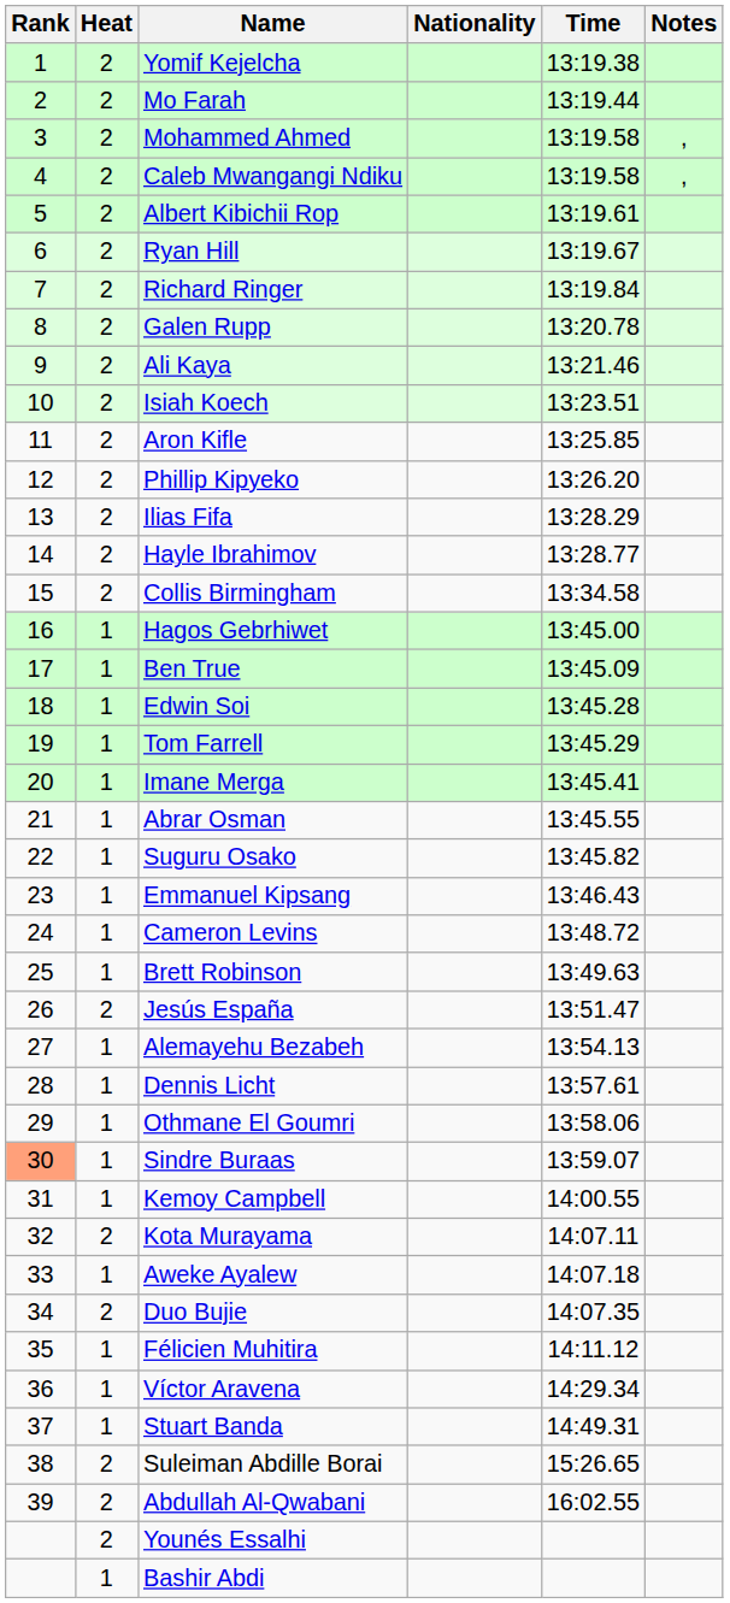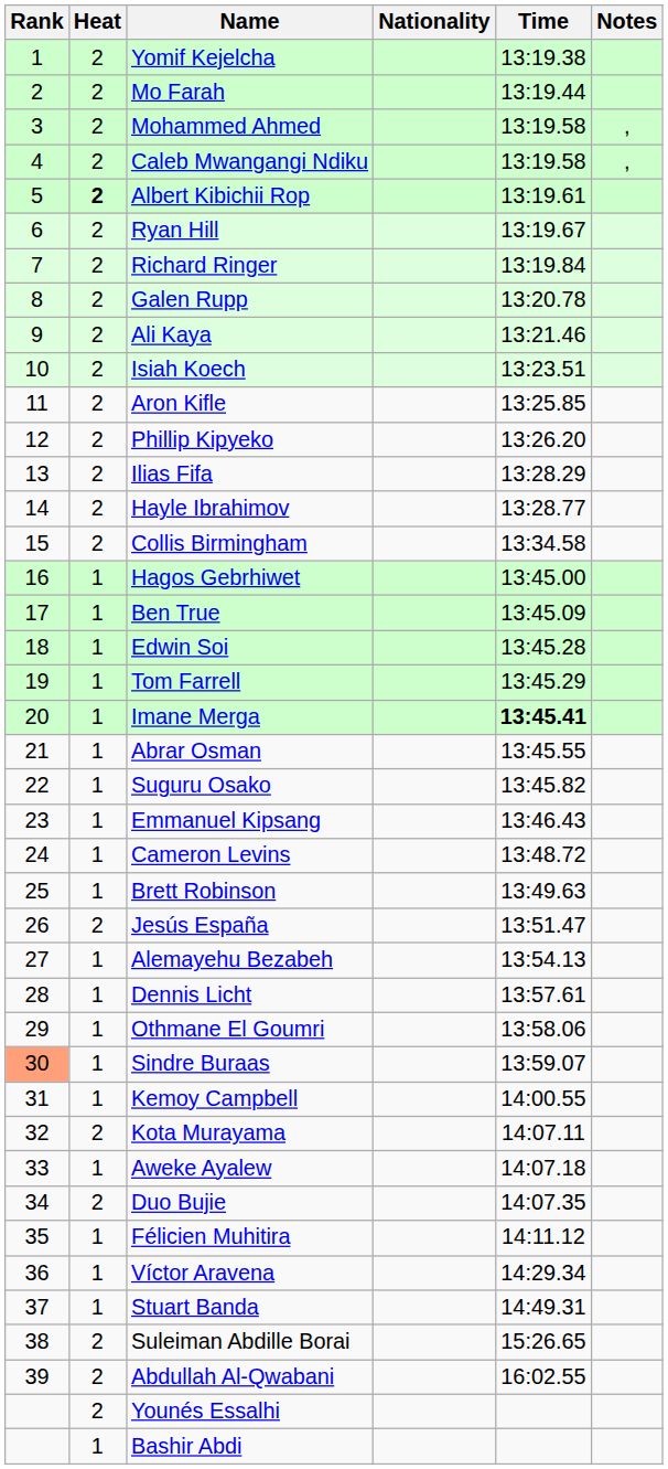 <table class="wikitable sortable" style="text-align:center">
 <tr>
 <th>Rank</th>
 <th>Heat</th>
 <th>Name</th>
 <th>Nationality</th>
 <th>Time</th>
 <th>Notes</th>
 </tr>
 <tr bgcolor=ccffcc>
 <td>1</td>
 <td>2</td>
 <td align=left><a href='#'>Yomif Kejelcha</a></td>
 <td align=left></td>
 <td>13:19.38</td>
 <td></td>
 </tr>
 <tr bgcolor=ccffcc>
 <td>2</td>
 <td>2</td>
 <td align=left><a href='#'>Mo Farah</a></td>
 <td align=left></td>
 <td>13:19.44</td>
 <td></td>
 </tr>
 <tr bgcolor=ccffcc>
 <td>3</td>
 <td>2</td>
 <td align=left><a href='#'>Mohammed Ahmed</a></td>
 <td align=left></td>
 <td>13:19.58</td>
 <td>, </td>
 </tr>
 <tr bgcolor=ccffcc>
 <td>4</td>
 <td>2</td>
 <td align=left><a href='#'>Caleb Mwangangi Ndiku</a></td>
 <td align=left></td>
 <td>13:19.58</td>
 <td>, </td>
 </tr>
 <tr bgcolor=ccffcc>
 <td>5</td>
-<td>2</td>
+<td><strong>2</strong></td>
 <td align=left><a href='#'>Albert Kibichii Rop</a></td>
 <td align=left></td>
 <td>13:19.61</td>
 <td></td>
 </tr>
 <tr bgcolor=ddffdd>
 <td>6</td>
 <td>2</td>
 <td align=left><a href='#'>Ryan Hill</a></td>
 <td align=left></td>
 <td>13:19.67</td>
 <td></td>
 </tr>
 <tr bgcolor=ddffdd>
 <td>7</td>
 <td>2</td>
 <td align=left><a href='#'>Richard Ringer</a></td>
 <td align=left></td>
 <td>13:19.84</td>
 <td></td>
 </tr>
 <tr bgcolor=ddffdd>
 <td>8</td>
 <td>2</td>
 <td align=left><a href='#'>Galen Rupp</a></td>
 <td align=left></td>
 <td>13:20.78</td>
 <td></td>
 </tr>
 <tr bgcolor=ddffdd>
 <td>9</td>
 <td>2</td>
 <td align=left><a href='#'>Ali Kaya</a></td>
 <td align=left></td>
 <td>13:21.46</td>
 <td></td>
 </tr>
 <tr bgcolor=ddffdd>
 <td>10</td>
 <td>2</td>
 <td align=left><a href='#'>Isiah Koech</a></td>
 <td align=left></td>
 <td>13:23.51</td>
 <td></td>
 </tr>
 <tr>
 <td>11</td>
 <td>2</td>
 <td align=left><a href='#'>Aron Kifle</a></td>
 <td align=left></td>
 <td>13:25.85</td>
 <td></td>
 </tr>
 <tr>
 <td>12</td>
 <td>2</td>
 <td align=left><a href='#'>Phillip Kipyeko</a></td>
 <td align=left></td>
 <td>13:26.20</td>
 <td></td>
 </tr>
 <tr>
 <td>13</td>
 <td>2</td>
 <td align=left><a href='#'>Ilias Fifa</a></td>
 <td align=left></td>
 <td>13:28.29</td>
 <td></td>
 </tr>
 <tr>
 <td>14</td>
 <td>2</td>
 <td align=left><a href='#'>Hayle Ibrahimov</a></td>
 <td align=left></td>
 <td>13:28.77</td>
 <td></td>
 </tr>
 <tr>
 <td>15</td>
 <td>2</td>
 <td align=left><a href='#'>Collis Birmingham</a></td>
 <td align=left></td>
 <td>13:34.58</td>
 <td></td>
 </tr>
 <tr bgcolor=ccffcc>
 <td>16</td>
 <td>1</td>
 <td align=left><a href='#'>Hagos Gebrhiwet</a></td>
 <td align=left></td>
 <td>13:45.00</td>
 <td></td>
 </tr>
 <tr bgcolor=ccffcc>
 <td>17</td>
 <td>1</td>
 <td align=left><a href='#'>Ben True</a></td>
 <td align=left></td>
 <td>13:45.09</td>
 <td></td>
 </tr>
 <tr bgcolor=ccffcc>
 <td>18</td>
 <td>1</td>
 <td align=left><a href='#'>Edwin Soi</a></td>
 <td align=left></td>
 <td>13:45.28</td>
 <td></td>
 </tr>
 <tr bgcolor=ccffcc>
 <td>19</td>
 <td>1</td>
 <td align=left><a href='#'>Tom Farrell</a></td>
 <td align=left></td>
 <td>13:45.29</td>
 <td></td>
 </tr>
 <tr bgcolor=ccffcc>
 <td>20</td>
 <td>1</td>
 <td align=left><a href='#'>Imane Merga</a></td>
 <td align=left></td>
-<td>13:45.41</td>
+<td><strong>13:45.41</strong></td>
 <td></td>
 </tr>
 <tr>
 <td>21</td>
 <td>1</td>
 <td align=left><a href='#'>Abrar Osman</a></td>
 <td align=left></td>
 <td>13:45.55</td>
 <td></td>
 </tr>
 <tr>
 <td>22</td>
 <td>1</td>
 <td align=left><a href='#'>Suguru Osako</a></td>
 <td align=left></td>
 <td>13:45.82</td>
 <td></td>
 </tr>
 <tr>
 <td>23</td>
 <td>1</td>
 <td align=left><a href='#'>Emmanuel Kipsang</a></td>
 <td align=left></td>
 <td>13:46.43</td>
 <td></td>
 </tr>
 <tr>
 <td>24</td>
 <td>1</td>
 <td align=left><a href='#'>Cameron Levins</a></td>
 <td align=left></td>
 <td>13:48.72</td>
 <td></td>
 </tr>
 <tr>
 <td>25</td>
 <td>1</td>
 <td align=left><a href='#'>Brett Robinson</a></td>
 <td align=left></td>
 <td>13:49.63</td>
 <td></td>
 </tr>
 <tr>
 <td>26</td>
 <td>2</td>
 <td align=left><a href='#'>Jesús España</a></td>
 <td align=left></td>
 <td>13:51.47</td>
 <td></td>
 </tr>
 <tr>
 <td>27</td>
 <td>1</td>
 <td align=left><a href='#'>Alemayehu Bezabeh</a></td>
 <td align=left></td>
 <td>13:54.13</td>
 <td></td>
 </tr>
 <tr>
 <td>28</td>
 <td>1</td>
 <td align=left><a href='#'>Dennis Licht</a></td>
 <td align=left></td>
 <td>13:57.61</td>
 <td></td>
 </tr>
 <tr>
 <td>29</td>
 <td>1</td>
 <td align=left><a href='#'>Othmane El Goumri</a></td>
 <td align=left></td>
 <td>13:58.06</td>
 <td></td>
 </tr>
 <tr>
 <td style="background: lightsalmon;">30</td>
 <td>1</td>
 <td align=left><a href='#'>Sindre Buraas</a></td>
 <td align=left></td>
 <td>13:59.07</td>
 <td></td>
 </tr>
 <tr>
 <td>31</td>
 <td>1</td>
 <td align=left><a href='#'>Kemoy Campbell</a></td>
 <td align=left></td>
 <td>14:00.55</td>
 <td></td>
 </tr>
 <tr>
 <td>32</td>
 <td>2</td>
 <td align=left><a href='#'>Kota Murayama</a></td>
 <td align=left></td>
 <td>14:07.11</td>
 <td></td>
 </tr>
 <tr>
 <td>33</td>
 <td>1</td>
 <td align=left><a href='#'>Aweke Ayalew</a></td>
 <td align=left></td>
 <td>14:07.18</td>
 <td></td>
 </tr>
 <tr>
 <td>34</td>
 <td>2</td>
 <td align=left><a href='#'>Duo Bujie</a></td>
 <td align=left></td>
 <td>14:07.35</td>
 <td></td>
 </tr>
 <tr>
 <td>35</td>
 <td>1</td>
 <td align=left><a href='#'>Félicien Muhitira</a></td>
 <td align=left></td>
 <td>14:11.12</td>
 <td></td>
 </tr>
 <tr>
 <td>36</td>
 <td>1</td>
 <td align=left><a href='#'>Víctor Aravena</a></td>
 <td align=left></td>
 <td>14:29.34</td>
 <td></td>
 </tr>
 <tr>
 <td>37</td>
 <td>1</td>
 <td align=left><a href='#'>Stuart Banda</a></td>
 <td align=left></td>
 <td>14:49.31</td>
 <td></td>
 </tr>
 <tr>
 <td>38</td>
 <td>2</td>
 <td align=left>Suleiman Abdille Borai</td>
 <td align=left></td>
 <td>15:26.65</td>
 <td></td>
 </tr>
 <tr>
 <td>39</td>
 <td>2</td>
 <td align=left><a href='#'>Abdullah Al-Qwabani</a></td>
 <td align=left></td>
 <td>16:02.55</td>
 <td></td>
 </tr>
 <tr>
 <td></td>
 <td>2</td>
 <td align=left><a href='#'>Younés Essalhi</a></td>
 <td align=left></td>
 <td></td>
 <td></td>
 </tr>
 <tr>
 <td></td>
 <td>1</td>
 <td align=left><a href='#'>Bashir Abdi</a></td>
 <td align=left></td>
 <td></td>
 <td></td>
 </tr>
 </table>
